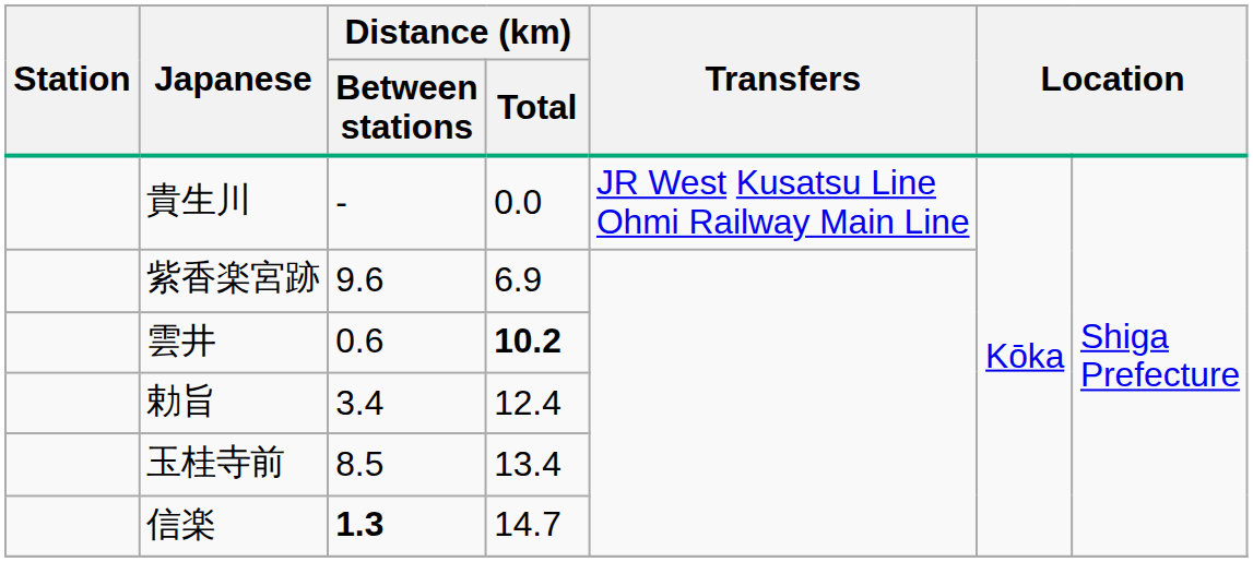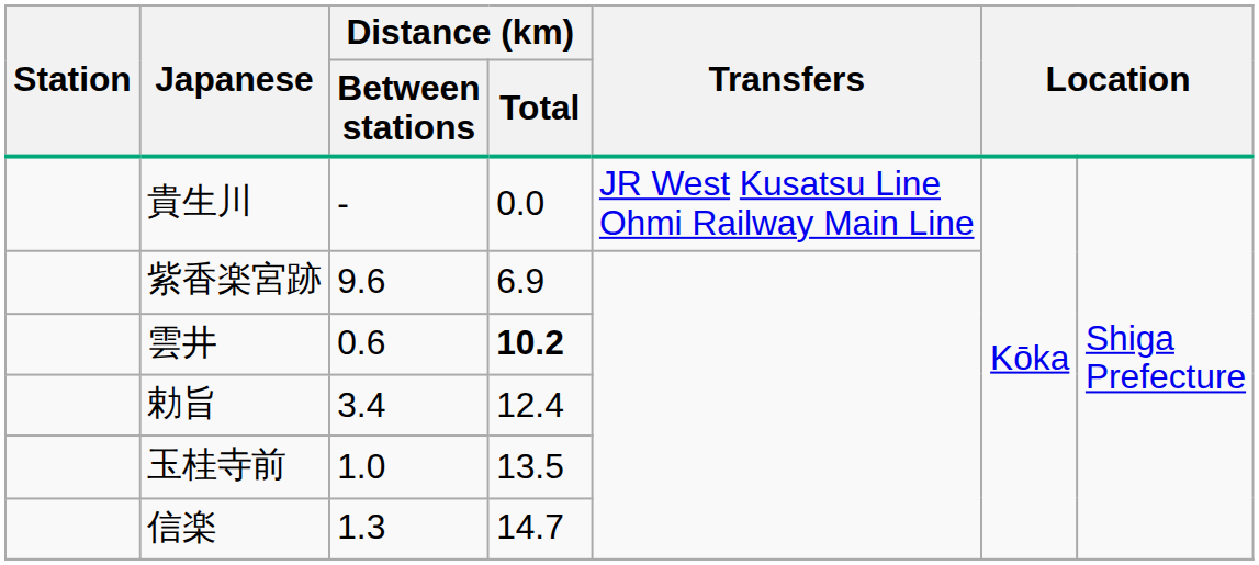 <table class="wikitable" rules="all">
 <tr>
 <th rowspan="2" style="border-bottom:solid 2px #00A779;">Station</th>
 <th rowspan="2" style="border-bottom:solid 2px #00A779;">Japanese</th>
 <th colspan="2">Distance (km)</th>
 <th rowspan="2" style="border-bottom:solid 2px #00A779;">Transfers</th>
 <th rowspan="2" colspan="2" style="border-bottom:solid 2px #00A779;">Location</th>
 </tr>
 <tr>
 <th style="width:2.5em; border-bottom:solid 2px #00A779;">Between stations</th>
 <th style="width:2.5em; border-bottom:solid 2px #00A779;">Total</th>
 </tr>
 <tr>
 <td></td>
 <td>貴生川</td>
 <td>-</td>
 <td>0.0</td>
 <td>  <a href='#'>JR West</a> <a href='#'>Kusatsu Line</a><br>  <a href='#'>Ohmi Railway Main Line</a></td>
 <td rowspan="6"><a href='#'>Kōka</a></td>
 <td rowspan="6"><a href='#'>Shiga<br>Prefecture</a></td>
 </tr>
 <tr>
 <td></td>
 <td>紫香楽宮跡</td>
 <td>9.6</td>
 <td>6.9</td>
 <td rowspan="5"></td>
 </tr>
 <tr>
 <td></td>
 <td>雲井</td>
 <td>0.6</td>
 <td><strong>10.2</strong></td>
 </tr>
 <tr>
 <td></td>
 <td>勅旨</td>
 <td>3.4</td>
 <td>12.4</td>
 </tr>
 <tr>
 <td></td>
 <td>玉桂寺前</td>
-<td>8.5</td>
-<td>13.4</td>
+<td>1.0</td>
+<td>13.5</td>
 </tr>
 <tr>
 <td></td>
 <td>信楽</td>
-<td><strong>1.3</strong></td>
+<td>1.3</td>
 <td>14.7</td>
 </tr>
 <tr>
 </tr>
 </table>
